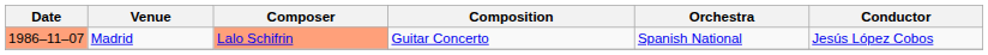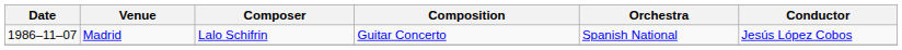 <table class="wikitable" style="font-size:90%">
 <tr>
 <th>Date</th>
 <th width=125px>Venue</th>
 <th width=175px>Composer</th>
 <th width=250px>Composition</th>
 <th width=175px>Orchestra</th>
 <th width=175px>Conductor</th>
 </tr>
 <tr>
-<td style="background: lightsalmon;">1986–11–07 </td>
+<td>1986–11–07 </td>
 <td><a href='#'>Madrid</a></td>
-<td style="background: lightsalmon;"><a href='#'>Lalo Schifrin</a></td>
+<td><a href='#'>Lalo Schifrin</a></td>
 <td><a href='#'>Guitar Concerto</a></td>
 <td><a href='#'>Spanish National</a></td>
 <td><a href='#'>Jesús López Cobos</a></td>
 </tr>
 <tr>
 </tr>
 </table>
